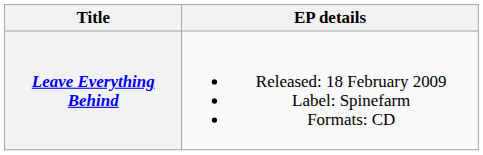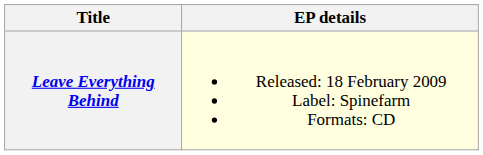 <table class="wikitable plainrowheaders" style="text-align:center;">
 <tr>
 <th scope="col" style="width:10em;">Title</th>
 <th scope="col" style="width:17em;">EP details</th>
 </tr>
 <tr>
 <th scope="row"><em><a href='#'>Leave Everything Behind</a></em></th>
-<td><br><ul><li>Released: 18 February 2009</li><li>Label: Spinefarm</li><li>Formats: CD</li></ul></td>
+<td style="background: lightyellow;"><br><ul><li>Released: 18 February 2009</li><li>Label: Spinefarm</li><li>Formats: CD</li></ul></td>
 </tr>
 </table>
